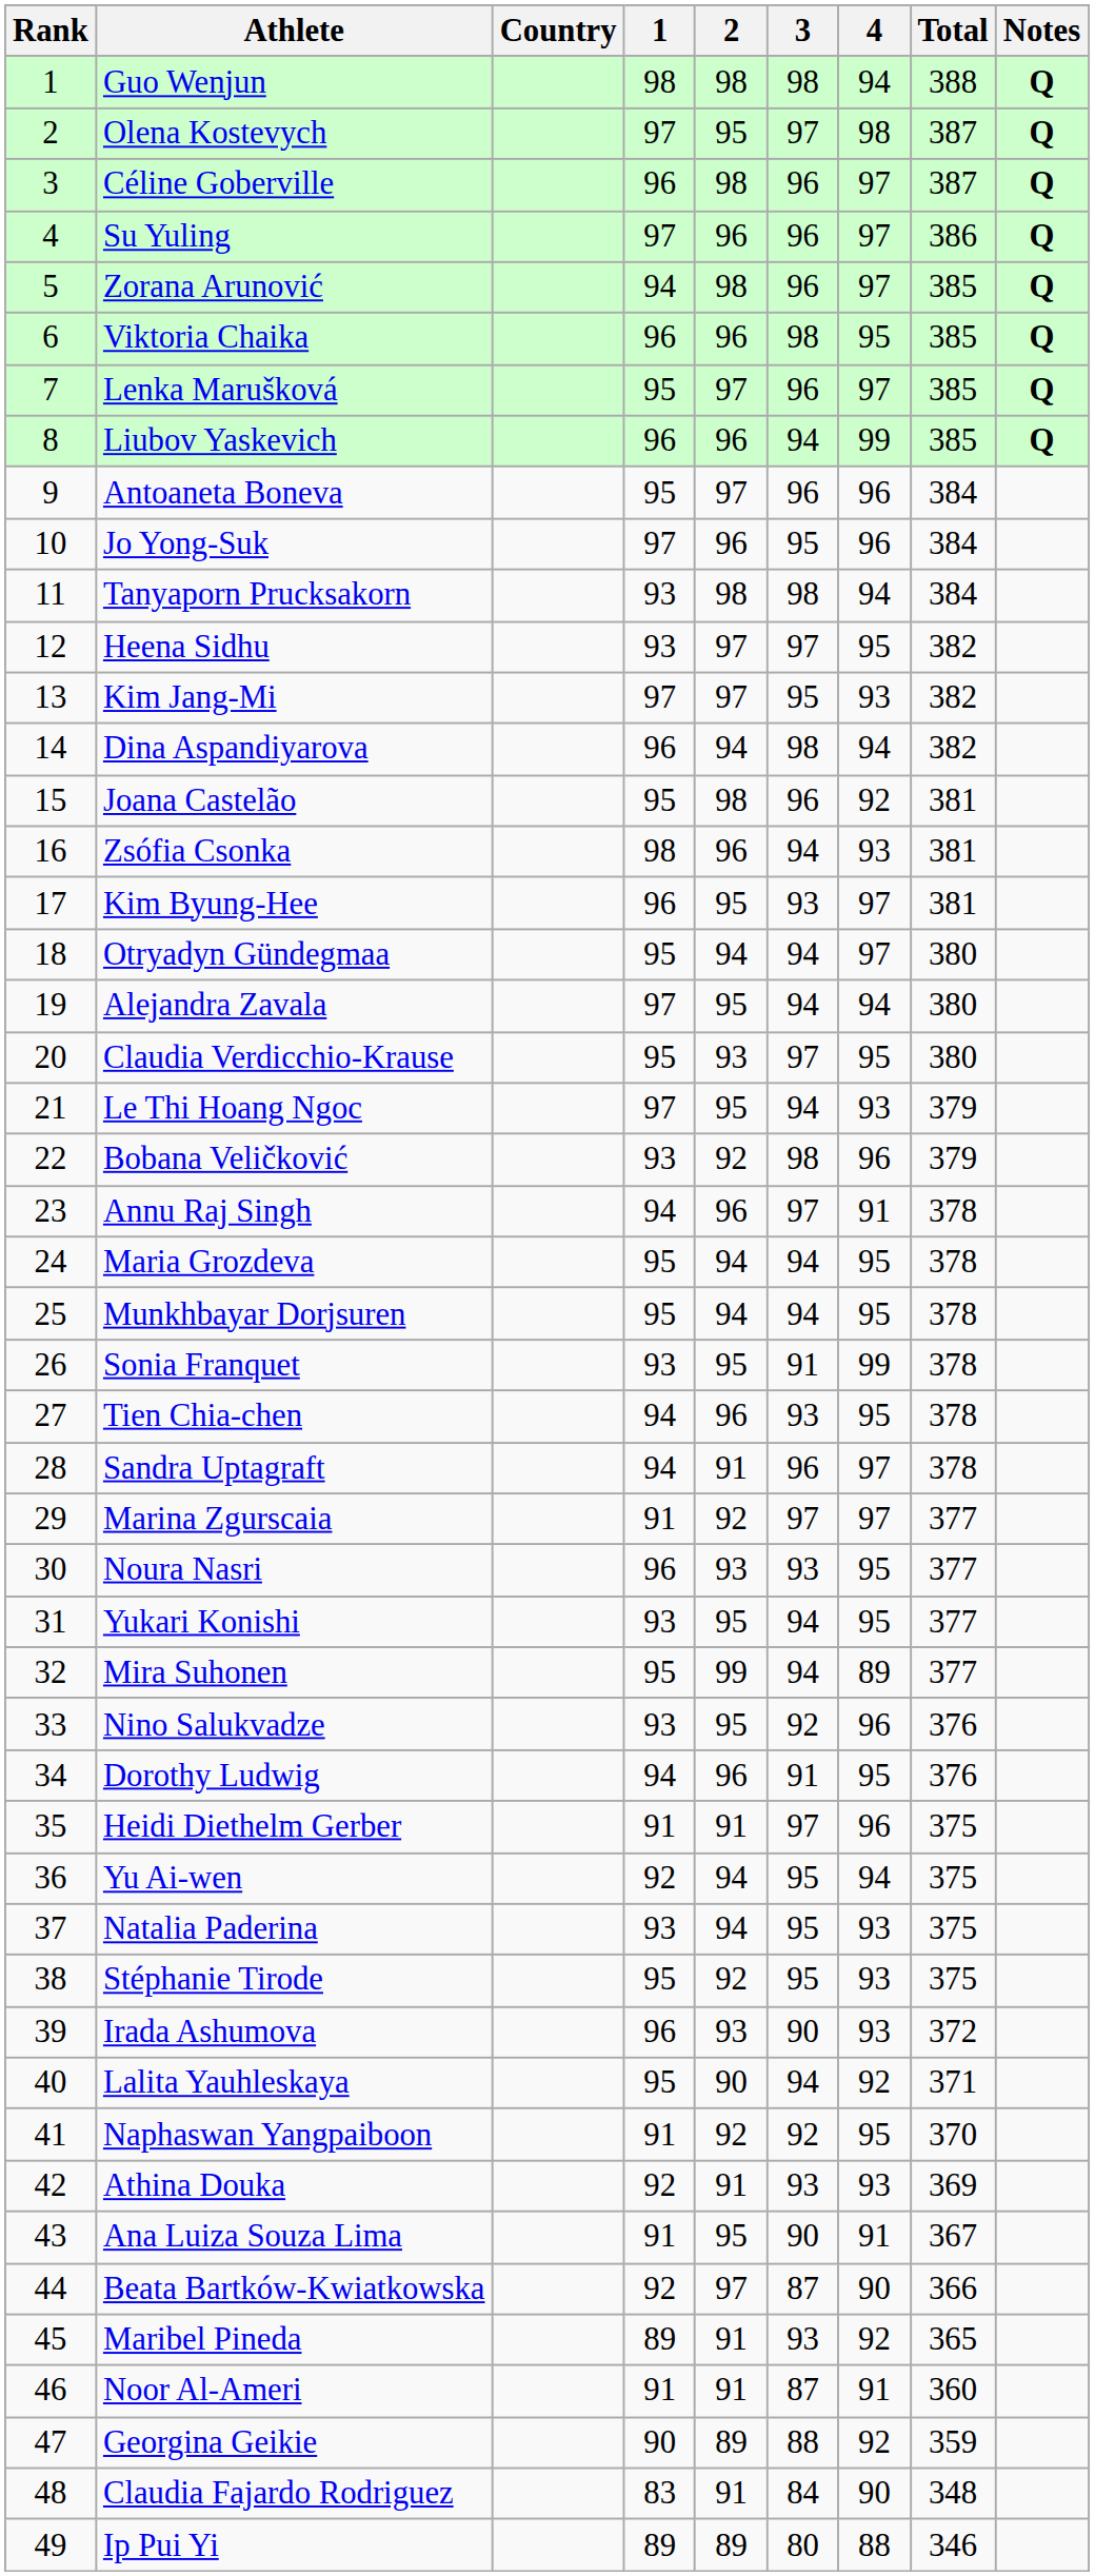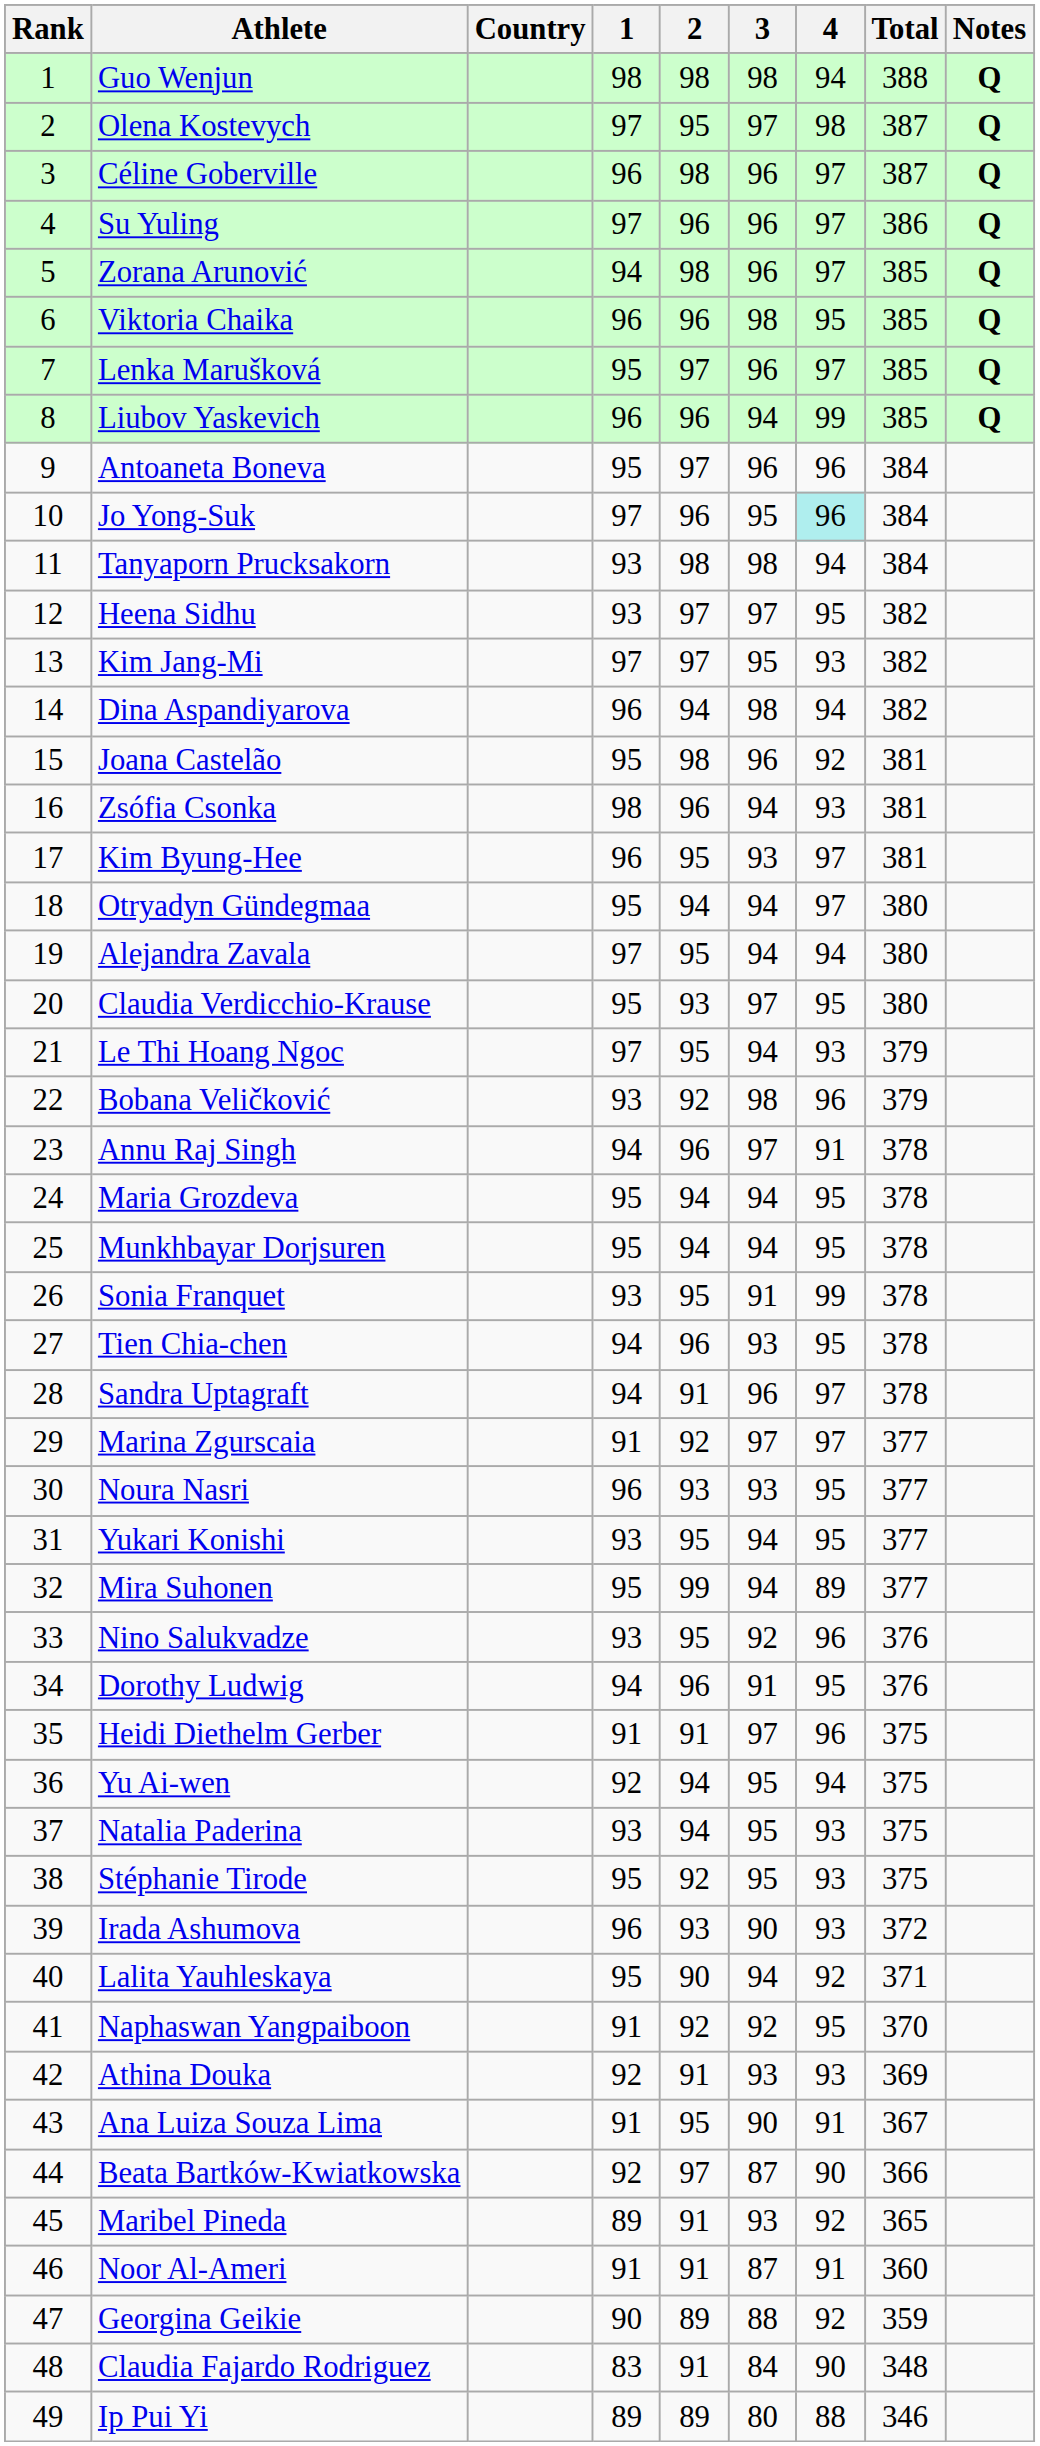 <table class="wikitable sortable" style="text-align:center">
 <tr>
 <th>Rank</th>
 <th>Athlete</th>
 <th>Country</th>
 <th class="sortable" style="width: 28px">1</th>
 <th class="sortable" style="width: 28px">2</th>
 <th class="sortable" style="width: 28px">3</th>
 <th class="sortable" style="width: 28px">4</th>
 <th>Total</th>
 <th class="unsortable">Notes</th>
 </tr>
 <tr bgcolor=#ccffcc>
 <td>1</td>
 <td align="left"><a href='#'>Guo Wenjun</a></td>
 <td align="left"></td>
 <td>98</td>
 <td>98</td>
 <td>98</td>
 <td>94</td>
 <td>388</td>
 <td><strong>Q</strong></td>
 </tr>
 <tr bgcolor=#ccffcc>
 <td>2</td>
 <td align="left"><a href='#'>Olena Kostevych</a></td>
 <td align="left"></td>
 <td>97</td>
 <td>95</td>
 <td>97</td>
 <td>98</td>
 <td>387</td>
 <td><strong>Q</strong></td>
 </tr>
 <tr bgcolor=#ccffcc>
 <td>3</td>
 <td align="left"><a href='#'>Céline Goberville</a></td>
 <td align="left"></td>
 <td>96</td>
 <td>98</td>
 <td>96</td>
 <td>97</td>
 <td>387</td>
 <td><strong>Q</strong></td>
 </tr>
 <tr bgcolor=#ccffcc>
 <td>4</td>
 <td align="left"><a href='#'>Su Yuling</a></td>
 <td align="left"></td>
 <td>97</td>
 <td>96</td>
 <td>96</td>
 <td>97</td>
 <td>386</td>
 <td><strong>Q</strong></td>
 </tr>
 <tr bgcolor=#ccffcc>
 <td>5</td>
 <td align="left"><a href='#'>Zorana Arunović</a></td>
 <td align="left"></td>
 <td>94</td>
 <td>98</td>
 <td>96</td>
 <td>97</td>
 <td>385</td>
 <td><strong>Q</strong></td>
 </tr>
 <tr bgcolor=#ccffcc>
 <td>6</td>
 <td align="left"><a href='#'>Viktoria Chaika</a></td>
 <td align="left"></td>
 <td>96</td>
 <td>96</td>
 <td>98</td>
 <td>95</td>
 <td>385</td>
 <td><strong>Q</strong></td>
 </tr>
 <tr bgcolor=#ccffcc>
 <td>7</td>
 <td align="left"><a href='#'>Lenka Marušková</a></td>
 <td align="left"></td>
 <td>95</td>
 <td>97</td>
 <td>96</td>
 <td>97</td>
 <td>385</td>
 <td><strong>Q</strong></td>
 </tr>
 <tr bgcolor=#ccffcc>
 <td>8</td>
 <td align="left"><a href='#'>Liubov Yaskevich</a></td>
 <td align="left"></td>
 <td>96</td>
 <td>96</td>
 <td>94</td>
 <td>99</td>
 <td>385</td>
 <td><strong>Q</strong></td>
 </tr>
 <tr>
 <td>9</td>
 <td align="left"><a href='#'>Antoaneta Boneva</a></td>
 <td align="left"></td>
 <td>95</td>
 <td>97</td>
 <td>96</td>
 <td>96</td>
 <td>384</td>
 <td></td>
 </tr>
 <tr>
 <td>10</td>
 <td align="left"><a href='#'>Jo Yong-Suk</a></td>
 <td align="left"></td>
 <td>97</td>
 <td>96</td>
 <td>95</td>
-<td>96</td>
+<td style="background: paleturquoise;">96</td>
 <td>384</td>
 <td></td>
 </tr>
 <tr>
 <td>11</td>
 <td align="left"><a href='#'>Tanyaporn Prucksakorn</a></td>
 <td align="left"></td>
 <td>93</td>
 <td>98</td>
 <td>98</td>
 <td>94</td>
 <td>384</td>
 <td></td>
 </tr>
 <tr>
 <td>12</td>
 <td align="left"><a href='#'>Heena Sidhu</a></td>
 <td align="left"></td>
 <td>93</td>
 <td>97</td>
 <td>97</td>
 <td>95</td>
 <td>382</td>
 <td></td>
 </tr>
 <tr>
 <td>13</td>
 <td align="left"><a href='#'>Kim Jang-Mi</a></td>
 <td align="left"></td>
 <td>97</td>
 <td>97</td>
 <td>95</td>
 <td>93</td>
 <td>382</td>
 <td></td>
 </tr>
 <tr>
 <td>14</td>
 <td align="left"><a href='#'>Dina Aspandiyarova</a></td>
 <td align="left"></td>
 <td>96</td>
 <td>94</td>
 <td>98</td>
 <td>94</td>
 <td>382</td>
 <td></td>
 </tr>
 <tr>
 <td>15</td>
 <td align="left"><a href='#'>Joana Castelão</a></td>
 <td align="left"></td>
 <td>95</td>
 <td>98</td>
 <td>96</td>
 <td>92</td>
 <td>381</td>
 <td></td>
 </tr>
 <tr>
 <td>16</td>
 <td align="left"><a href='#'>Zsófia Csonka</a></td>
 <td align="left"></td>
 <td>98</td>
 <td>96</td>
 <td>94</td>
 <td>93</td>
 <td>381</td>
 <td></td>
 </tr>
 <tr>
 <td>17</td>
 <td align="left"><a href='#'>Kim Byung-Hee</a></td>
 <td align="left"></td>
 <td>96</td>
 <td>95</td>
 <td>93</td>
 <td>97</td>
 <td>381</td>
 <td></td>
 </tr>
 <tr>
 <td>18</td>
 <td align="left"><a href='#'>Otryadyn Gündegmaa</a></td>
 <td align="left"></td>
 <td>95</td>
 <td>94</td>
 <td>94</td>
 <td>97</td>
 <td>380</td>
 <td></td>
 </tr>
 <tr>
 <td>19</td>
 <td align="left"><a href='#'>Alejandra Zavala</a></td>
 <td align="left"></td>
 <td>97</td>
 <td>95</td>
 <td>94</td>
 <td>94</td>
 <td>380</td>
 <td></td>
 </tr>
 <tr>
 <td>20</td>
 <td align="left"><a href='#'>Claudia Verdicchio-Krause</a></td>
 <td align="left"></td>
 <td>95</td>
 <td>93</td>
 <td>97</td>
 <td>95</td>
 <td>380</td>
 <td></td>
 </tr>
 <tr>
 <td>21</td>
 <td align="left"><a href='#'>Le Thi Hoang Ngoc</a></td>
 <td align="left"></td>
 <td>97</td>
 <td>95</td>
 <td>94</td>
 <td>93</td>
 <td>379</td>
 <td></td>
 </tr>
 <tr>
 <td>22</td>
 <td align="left"><a href='#'>Bobana Veličković</a></td>
 <td align="left"></td>
 <td>93</td>
 <td>92</td>
 <td>98</td>
 <td>96</td>
 <td>379</td>
 <td></td>
 </tr>
 <tr>
 <td>23</td>
 <td align="left"><a href='#'>Annu Raj Singh</a></td>
 <td align="left"></td>
 <td>94</td>
 <td>96</td>
 <td>97</td>
 <td>91</td>
 <td>378</td>
 <td></td>
 </tr>
 <tr>
 <td>24</td>
 <td align="left"><a href='#'>Maria Grozdeva</a></td>
 <td align="left"></td>
 <td>95</td>
 <td>94</td>
 <td>94</td>
 <td>95</td>
 <td>378</td>
 <td></td>
 </tr>
 <tr>
 <td>25</td>
 <td align="left"><a href='#'>Munkhbayar Dorjsuren</a></td>
 <td align="left"></td>
 <td>95</td>
 <td>94</td>
 <td>94</td>
 <td>95</td>
 <td>378</td>
 <td></td>
 </tr>
 <tr>
 <td>26</td>
 <td align="left"><a href='#'>Sonia Franquet</a></td>
 <td align="left"></td>
 <td>93</td>
 <td>95</td>
 <td>91</td>
 <td>99</td>
 <td>378</td>
 <td></td>
 </tr>
 <tr>
 <td>27</td>
 <td align="left"><a href='#'>Tien Chia-chen</a></td>
 <td align="left"></td>
 <td>94</td>
 <td>96</td>
 <td>93</td>
 <td>95</td>
 <td>378</td>
 <td></td>
 </tr>
 <tr>
 <td>28</td>
 <td align="left"><a href='#'>Sandra Uptagraft</a></td>
 <td align="left"></td>
 <td>94</td>
 <td>91</td>
 <td>96</td>
 <td>97</td>
 <td>378</td>
 <td></td>
 </tr>
 <tr>
 <td>29</td>
 <td align="left"><a href='#'>Marina Zgurscaia</a></td>
 <td align="left"></td>
 <td>91</td>
 <td>92</td>
 <td>97</td>
 <td>97</td>
 <td>377</td>
 <td></td>
 </tr>
 <tr>
 <td>30</td>
 <td align="left"><a href='#'>Noura Nasri</a></td>
 <td align="left"></td>
 <td>96</td>
 <td>93</td>
 <td>93</td>
 <td>95</td>
 <td>377</td>
 <td></td>
 </tr>
 <tr>
 <td>31</td>
 <td align="left"><a href='#'>Yukari Konishi</a></td>
 <td align="left"></td>
 <td>93</td>
 <td>95</td>
 <td>94</td>
 <td>95</td>
 <td>377</td>
 <td></td>
 </tr>
 <tr>
 <td>32</td>
 <td align="left"><a href='#'>Mira Suhonen</a></td>
 <td align="left"></td>
 <td>95</td>
 <td>99</td>
 <td>94</td>
 <td>89</td>
 <td>377</td>
 <td></td>
 </tr>
 <tr>
 <td>33</td>
 <td align="left"><a href='#'>Nino Salukvadze</a></td>
 <td align="left"></td>
 <td>93</td>
 <td>95</td>
 <td>92</td>
 <td>96</td>
 <td>376</td>
 <td></td>
 </tr>
 <tr>
 <td>34</td>
 <td align="left"><a href='#'>Dorothy Ludwig</a></td>
 <td align="left"></td>
 <td>94</td>
 <td>96</td>
 <td>91</td>
 <td>95</td>
 <td>376</td>
 <td></td>
 </tr>
 <tr>
 <td>35</td>
 <td align="left"><a href='#'>Heidi Diethelm Gerber</a></td>
 <td align="left"></td>
 <td>91</td>
 <td>91</td>
 <td>97</td>
 <td>96</td>
 <td>375</td>
 <td></td>
 </tr>
 <tr>
 <td>36</td>
 <td align="left"><a href='#'>Yu Ai-wen</a></td>
 <td align="left"></td>
 <td>92</td>
 <td>94</td>
 <td>95</td>
 <td>94</td>
 <td>375</td>
 <td></td>
 </tr>
 <tr>
 <td>37</td>
 <td align="left"><a href='#'>Natalia Paderina</a></td>
 <td align="left"></td>
 <td>93</td>
 <td>94</td>
 <td>95</td>
 <td>93</td>
 <td>375</td>
 <td></td>
 </tr>
 <tr>
 <td>38</td>
 <td align="left"><a href='#'>Stéphanie Tirode</a></td>
 <td align="left"></td>
 <td>95</td>
 <td>92</td>
 <td>95</td>
 <td>93</td>
 <td>375</td>
 <td></td>
 </tr>
 <tr>
 <td>39</td>
 <td align="left"><a href='#'>Irada Ashumova</a></td>
 <td align="left"></td>
 <td>96</td>
 <td>93</td>
 <td>90</td>
 <td>93</td>
 <td>372</td>
 <td></td>
 </tr>
 <tr>
 <td>40</td>
 <td align="left"><a href='#'>Lalita Yauhleskaya</a></td>
 <td align="left"></td>
 <td>95</td>
 <td>90</td>
 <td>94</td>
 <td>92</td>
 <td>371</td>
 <td></td>
 </tr>
 <tr>
 <td>41</td>
 <td align="left"><a href='#'>Naphaswan Yangpaiboon</a></td>
 <td align="left"></td>
 <td>91</td>
 <td>92</td>
 <td>92</td>
 <td>95</td>
 <td>370</td>
 <td></td>
 </tr>
 <tr>
 <td>42</td>
 <td align="left"><a href='#'>Athina Douka</a></td>
 <td align="left"></td>
 <td>92</td>
 <td>91</td>
 <td>93</td>
 <td>93</td>
 <td>369</td>
 <td></td>
 </tr>
 <tr>
 <td>43</td>
 <td align="left"><a href='#'>Ana Luiza Souza Lima</a></td>
 <td align="left"></td>
 <td>91</td>
 <td>95</td>
 <td>90</td>
 <td>91</td>
 <td>367</td>
 <td></td>
 </tr>
 <tr>
 <td>44</td>
 <td align="left"><a href='#'>Beata Bartków-Kwiatkowska</a></td>
 <td align="left"></td>
 <td>92</td>
 <td>97</td>
 <td>87</td>
 <td>90</td>
 <td>366</td>
 <td></td>
 </tr>
 <tr>
 <td>45</td>
 <td align="left"><a href='#'>Maribel Pineda</a></td>
 <td align="left"></td>
 <td>89</td>
 <td>91</td>
 <td>93</td>
 <td>92</td>
 <td>365</td>
 <td></td>
 </tr>
 <tr>
 <td>46</td>
 <td align="left"><a href='#'>Noor Al-Ameri</a></td>
 <td align="left"></td>
 <td>91</td>
 <td>91</td>
 <td>87</td>
 <td>91</td>
 <td>360</td>
 <td></td>
 </tr>
 <tr>
 <td>47</td>
 <td align="left"><a href='#'>Georgina Geikie</a></td>
 <td align="left"></td>
 <td>90</td>
 <td>89</td>
 <td>88</td>
 <td>92</td>
 <td>359</td>
 <td></td>
 </tr>
 <tr>
 <td>48</td>
 <td align="left"><a href='#'>Claudia Fajardo Rodriguez</a></td>
 <td align="left"></td>
 <td>83</td>
 <td>91</td>
 <td>84</td>
 <td>90</td>
 <td>348</td>
 <td></td>
 </tr>
 <tr>
 <td>49</td>
 <td align="left"><a href='#'>Ip Pui Yi</a></td>
 <td align="left"></td>
 <td>89</td>
 <td>89</td>
 <td>80</td>
 <td>88</td>
 <td>346</td>
 <td></td>
 </tr>
 </table>
